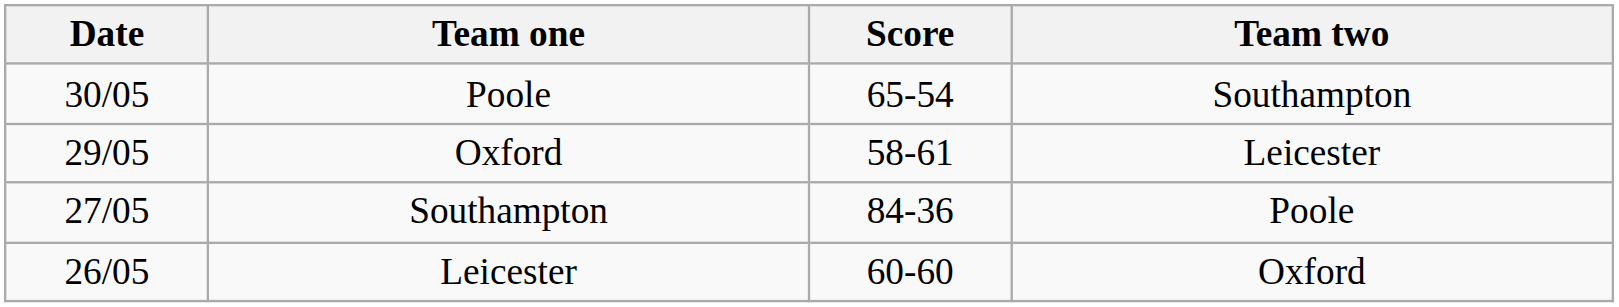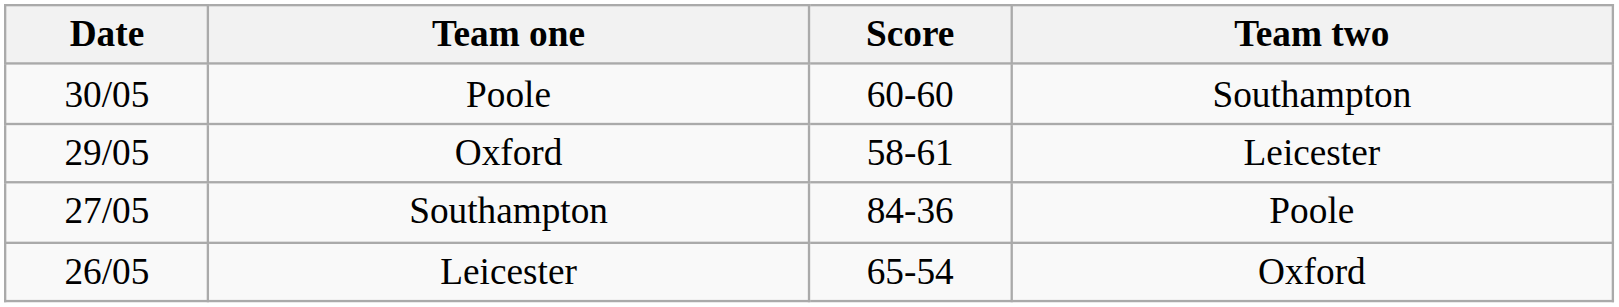 <table class="wikitable" style="text-align: center">
 <tr>
 <th width=80>Date</th>
 <th width=250>Team one</th>
 <th width=80>Score</th>
 <th width=250>Team two</th>
 </tr>
 <tr>
 <td>30/05</td>
 <td>Poole</td>
-<td>65-54</td>
+<td>60-60</td>
 <td>Southampton</td>
 </tr>
 <tr>
 <td>29/05</td>
 <td>Oxford</td>
 <td>58-61</td>
 <td>Leicester</td>
 </tr>
 <tr>
 <td>27/05</td>
 <td>Southampton</td>
 <td>84-36</td>
 <td>Poole</td>
 </tr>
 <tr>
 <td>26/05</td>
 <td>Leicester</td>
-<td>60-60</td>
+<td>65-54</td>
 <td>Oxford</td>
 </tr>
 </table>
